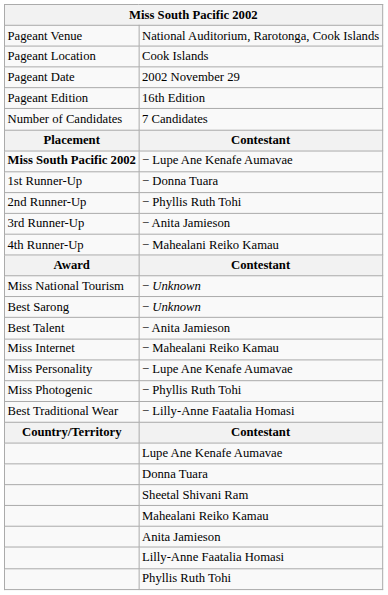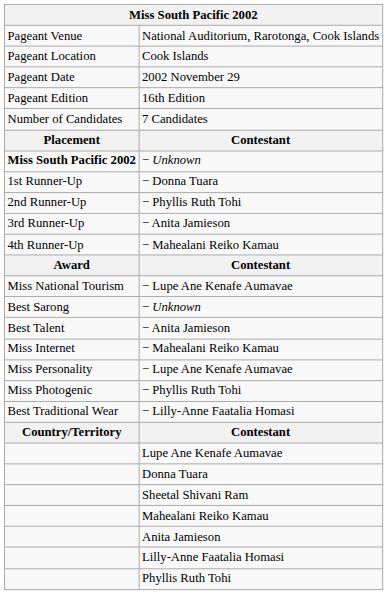 <table class="wikitable sortable" style="font-size: 80%;">
 <tr>
 <th colspan="2"><strong>Miss South Pacific 2002</strong></th>
 </tr>
 <tr>
 <td>Pageant Venue</td>
 <td>National Auditorium, Rarotonga, Cook Islands</td>
 </tr>
 <tr>
 <td>Pageant Location</td>
 <td>Cook Islands</td>
 </tr>
 <tr>
 <td>Pageant Date</td>
 <td>2002 November 29</td>
 </tr>
 <tr>
 <td>Pageant Edition</td>
 <td>16th Edition</td>
 </tr>
 <tr>
 <td>Number of Candidates</td>
 <td>7 Candidates</td>
 </tr>
 <tr>
 <th>Placement</th>
 <th>Contestant</th>
 </tr>
 <tr>
 <td><strong>Miss South Pacific 2002</strong></td>
-<td> − Lupe Ane Kenafe Aumavae</td>
+<td> − <em>Unknown</em></td>
 </tr>
 <tr>
 <td>1st Runner-Up</td>
 <td> − Donna Tuara</td>
 </tr>
 <tr>
 <td>2nd Runner-Up</td>
 <td> − Phyllis Ruth Tohi</td>
 </tr>
 <tr>
 <td>3rd Runner-Up</td>
 <td> − Anita Jamieson</td>
 </tr>
 <tr>
 <td>4th Runner-Up</td>
 <td> − Mahealani Reiko Kamau</td>
 </tr>
 <tr>
 <th>Award</th>
 <th>Contestant</th>
 </tr>
 <tr>
 <td>Miss National Tourism</td>
-<td> − <em>Unknown</em></td>
+<td> − Lupe Ane Kenafe Aumavae</td>
 </tr>
 <tr>
 <td>Best Sarong</td>
 <td> − <em>Unknown</em></td>
 </tr>
 <tr>
 <td>Best Talent</td>
 <td> − Anita Jamieson</td>
 </tr>
 <tr>
 <td>Miss Internet</td>
 <td> − Mahealani Reiko Kamau</td>
 </tr>
 <tr>
 <td>Miss Personality</td>
 <td> − Lupe Ane Kenafe Aumavae</td>
 </tr>
 <tr>
 <td>Miss Photogenic</td>
 <td> − Phyllis Ruth Tohi</td>
 </tr>
 <tr>
 <td>Best Traditional Wear</td>
 <td> − Lilly-Anne Faatalia Homasi</td>
 </tr>
 <tr>
 <th><strong>Country/Territory</strong></th>
 <th>Contestant</th>
 </tr>
 <tr>
 <td></td>
 <td>Lupe Ane Kenafe Aumavae</td>
 </tr>
 <tr>
 <td></td>
 <td>Donna Tuara</td>
 </tr>
 <tr>
 <td></td>
 <td>Sheetal Shivani Ram</td>
 </tr>
 <tr>
 <td></td>
 <td>Mahealani Reiko Kamau</td>
 </tr>
 <tr>
 <td></td>
 <td>Anita Jamieson</td>
 </tr>
 <tr>
 <td></td>
 <td>Lilly-Anne Faatalia Homasi</td>
 </tr>
 <tr>
 <td></td>
 <td>Phyllis Ruth Tohi</td>
 </tr>
 </table>
